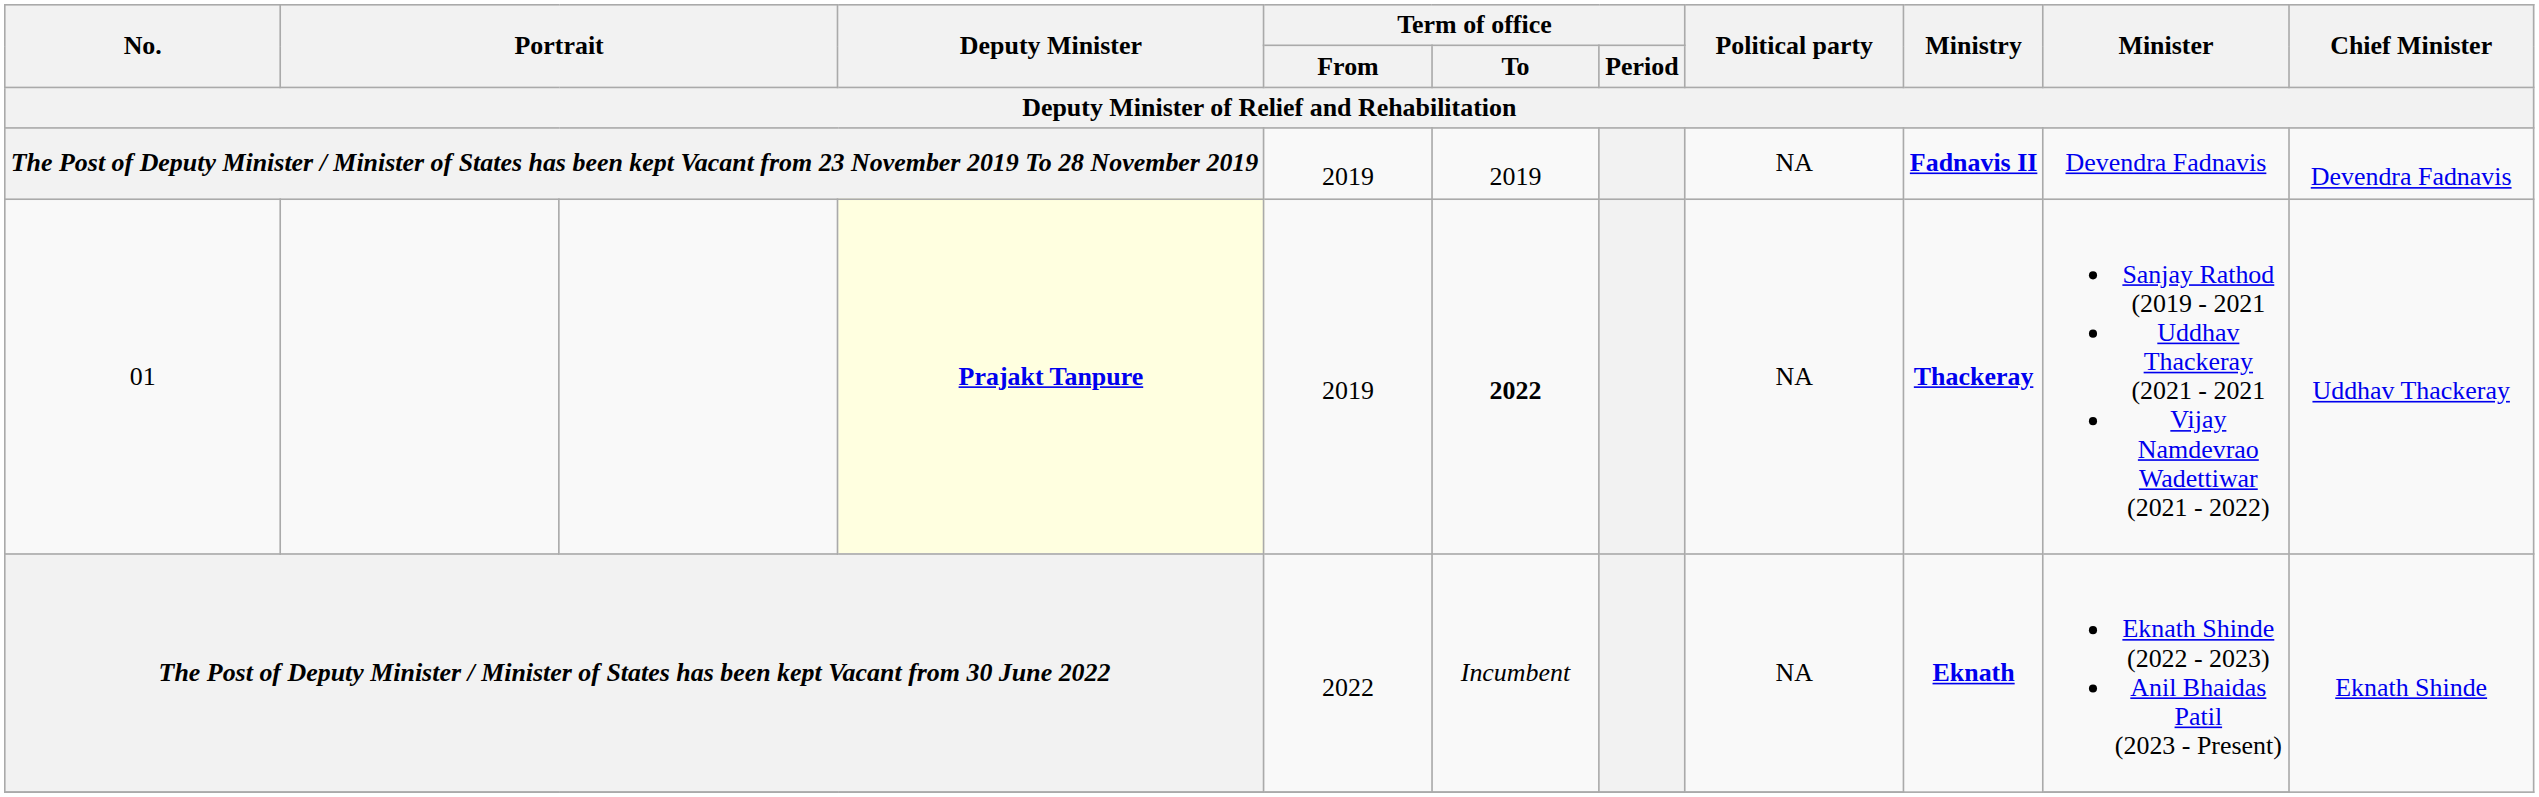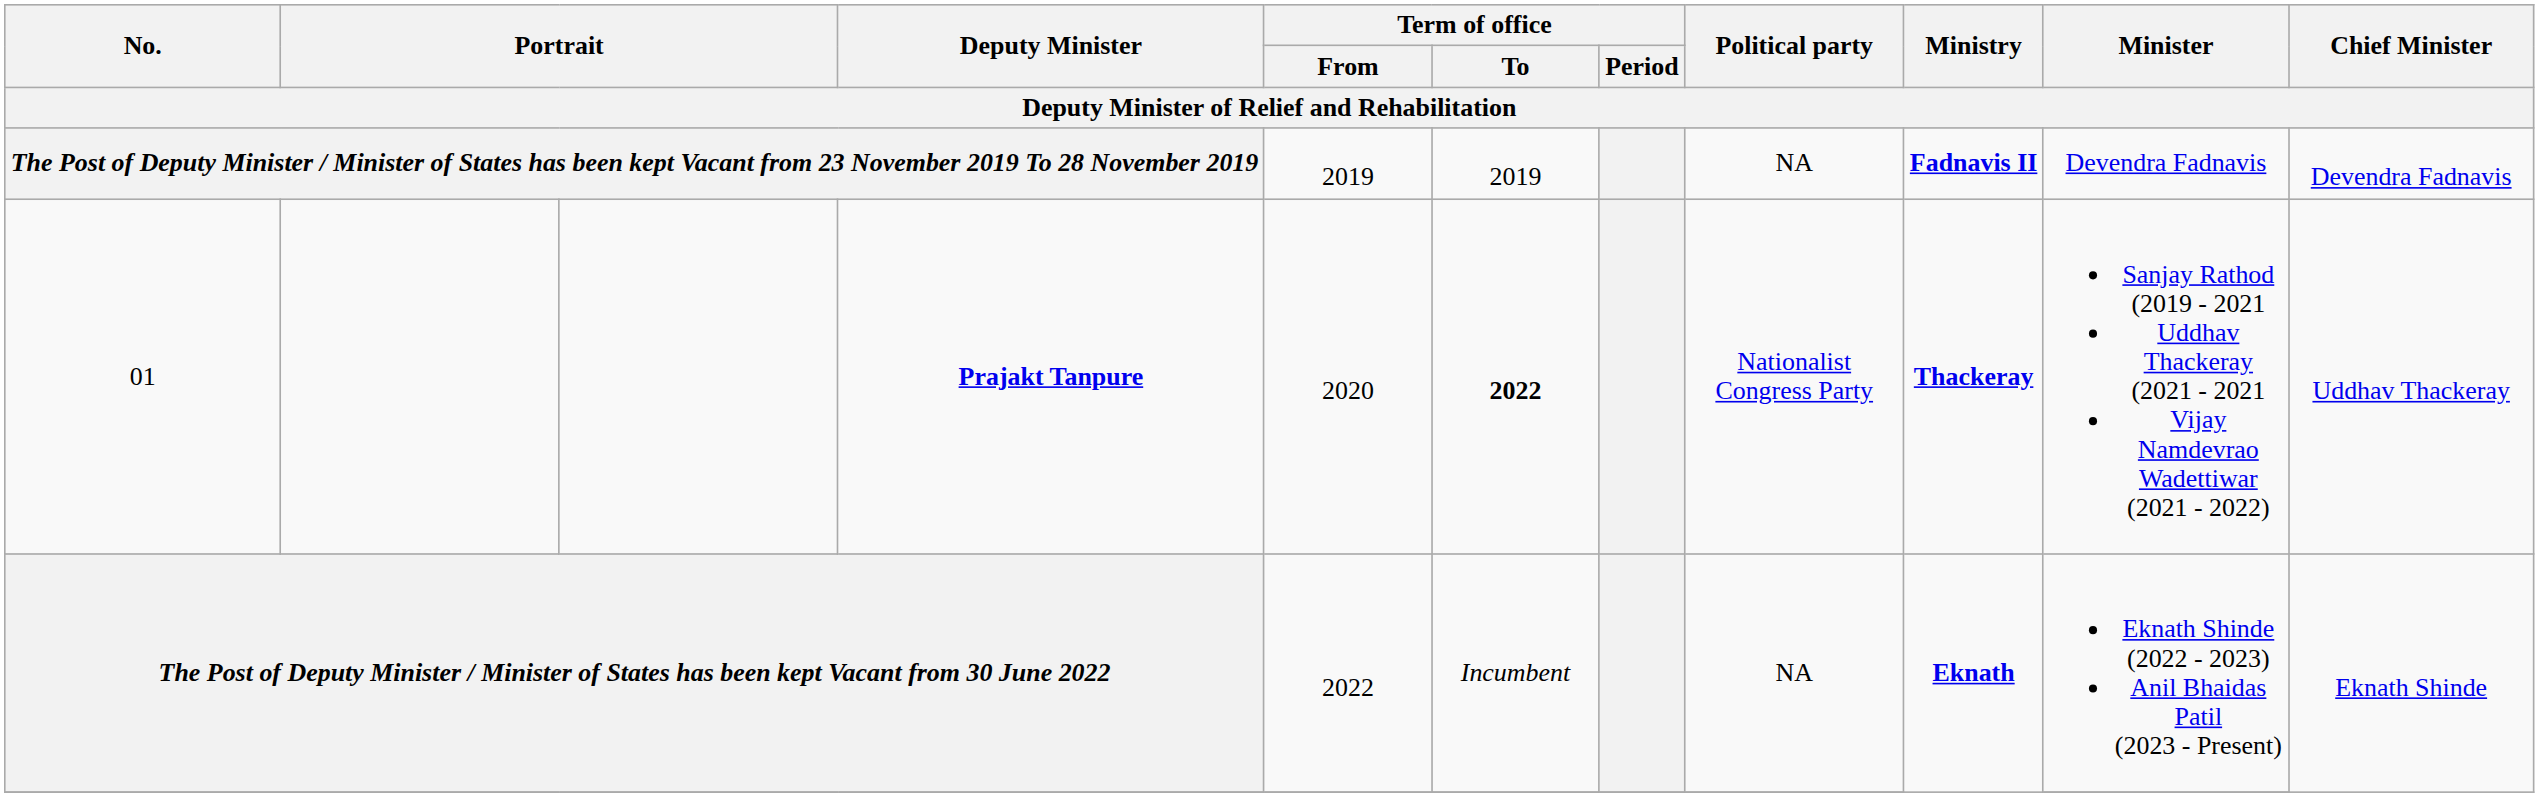 <table class="wikitable" style="text-align:center">
 <tr>
 <th rowspan="2">No.</th>
 <th rowspan="2" colspan="2">Portrait</th>
 <th rowspan="2" style="width:16em">Deputy Minister<br></th>
 <th colspan="3">Term of office</th>
 <th rowspan="2" style="width:8em">Political party</th>
 <th rowspan="2">Ministry</th>
 <th rowspan="2" style="width:9em">Minister</th>
 <th rowspan="2" style="width:9em">Chief Minister</th>
 </tr>
 <tr>
 <th style="width:6em">From</th>
 <th style="width:6em">To</th>
 <th>Period</th>
 </tr>
 <tr>
 <th colspan="11">Deputy Minister of Relief and Rehabilitation</th>
 </tr>
 <tr>
 <th colspan="04"><strong><em>The Post of Deputy Minister / Minister of States has been kept Vacant from 23 November 2019 To 28 November 2019</em></strong></th>
 <td><br>2019</td>
 <td><br>2019</td>
 <th></th>
 <td>NA</td>
 <td rowspan="1"><a href='#'><strong>Fadnavis II</strong></a></td>
 <td><a href='#'>Devendra Fadnavis</a></td>
 <td rowspan="1"> <br><a href='#'>Devendra Fadnavis</a></td>
 </tr>
 <tr>
 <td>01</td>
 <td style="color:inherit;background:"></td>
 <td></td>
-<td style="background: lightyellow;"><strong><a href='#'>Prajakt Tanpure</a></strong> <br> </td>
-<td><br>2019</td>
+<td><strong><a href='#'>Prajakt Tanpure</a></strong> <br> </td>
+<td><br>2020</td>
 <td><strong><br>2022</strong></td>
 <th></th>
-<td>NA</td>
+<td><a href='#'>Nationalist Congress Party</a></td>
 <td rowspan="1"><a href='#'><strong>Thackeray</strong></a></td>
 <td><br><ul><li><a href='#'>Sanjay Rathod</a><br> (2019 - 2021</li><li><a href='#'>Uddhav Thackeray</a> <br>(2021 - 2021</li><li><a href='#'>Vijay Namdevrao Wadettiwar</a> <br>(2021 - 2022)</li></ul></td>
 <td rowspan="1"> <br><a href='#'>Uddhav Thackeray</a></td>
 </tr>
 <tr>
 <th colspan="04"><strong><em>The Post of Deputy Minister / Minister of States has been kept Vacant from 30 June 2022</em></strong></th>
 <td><br>2022</td>
 <td><em>Incumbent</em></td>
 <th></th>
 <td>NA</td>
 <td rowspan="2"><a href='#'><strong>Eknath</strong></a></td>
 <td><br><ul><li><a href='#'>Eknath Shinde</a><br>(2022 - 2023)</li><li><a href='#'>Anil Bhaidas Patil</a><br> (2023 - Present)</li></ul></td>
 <td rowspan="2"> <br><a href='#'>Eknath Shinde</a></td>
 </tr>
 <tr>
 </tr>
 </table>
